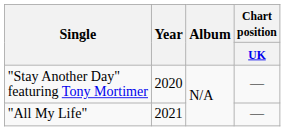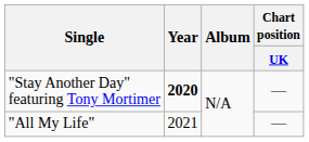 <table class="wikitable">
 <tr>
 <th rowspan="2">Single</th>
 <th rowspan="2">Year</th>
 <th rowspan="2">Album</th>
 <th><small>Chart position</small></th>
 </tr>
 <tr>
 <th width="45"><small><a href='#'>UK</a></small></th>
 </tr>
 <tr>
 <td>"Stay Another Day" <br><span>featuring <a href='#'>Tony Mortimer</a></span></td>
-<td>2020</td>
+<td><strong>2020</strong></td>
 <td rowspan="2">N/A</td>
 <td style="text-align:center;">—</td>
 </tr>
 <tr>
 <td>"All My Life"</td>
 <td>2021</td>
 <td style="text-align:center;">—</td>
 </tr>
 </table>
